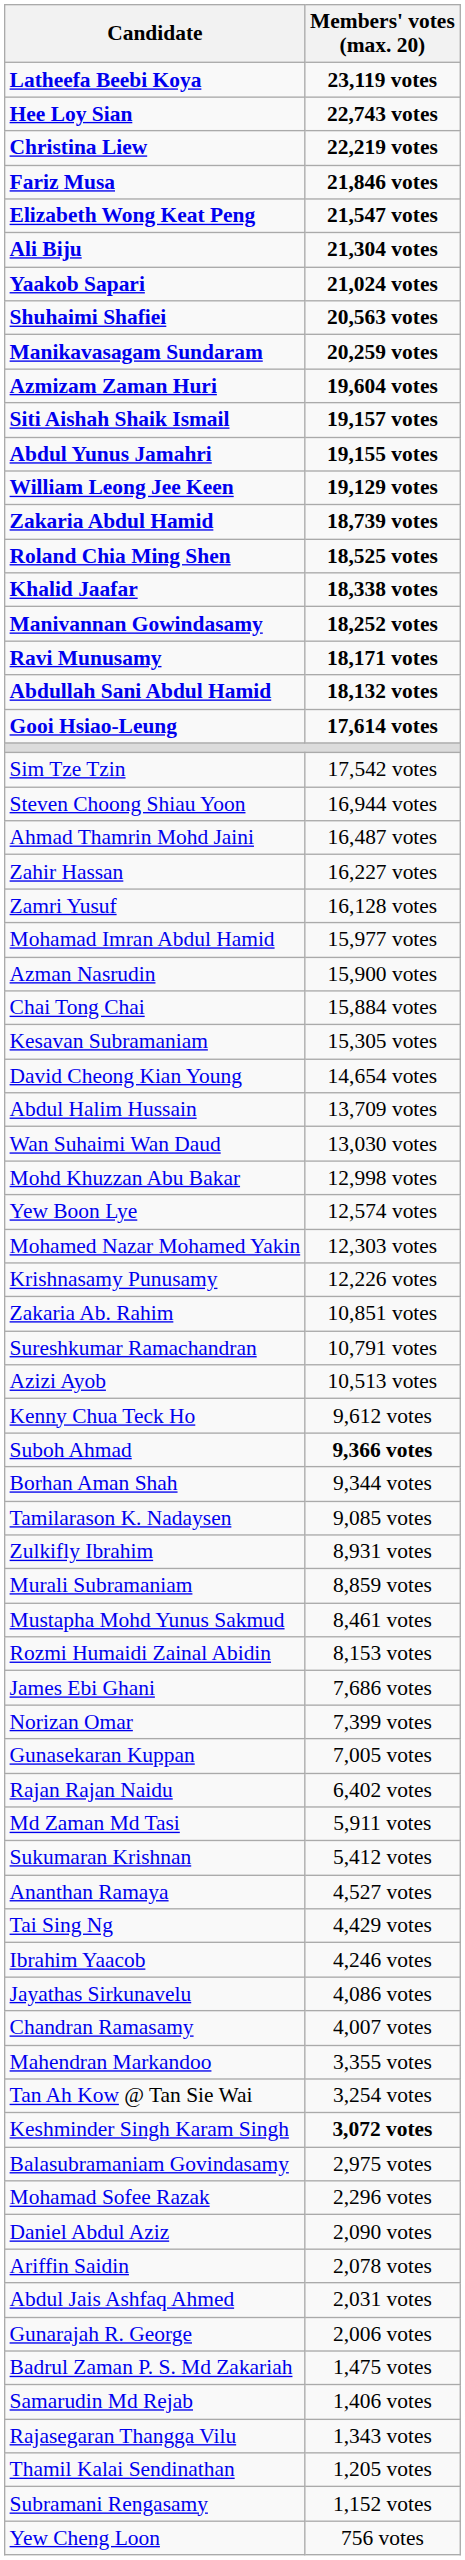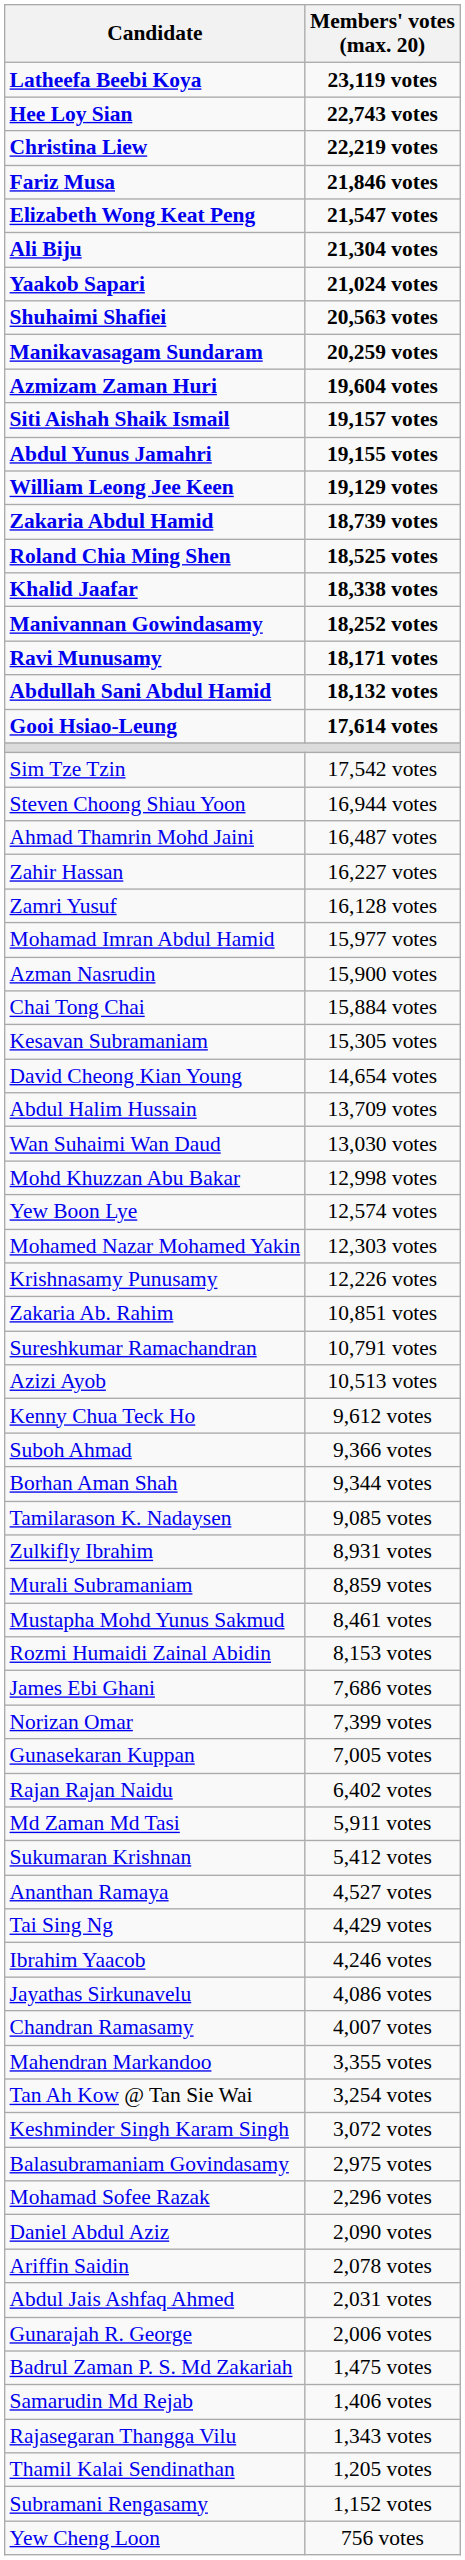 <table class=wikitable style=text-align:center>
 <tr>
 <th>Candidate</th>
 <th>Members' votes<br>(max. 20)</th>
 </tr>
 <tr>
 <td align=left><strong><a href='#'>Latheefa Beebi Koya</a></strong></td>
 <td><strong>23,119 votes</strong></td>
 </tr>
 <tr>
 <td align=left><strong><a href='#'>Hee Loy Sian</a></strong></td>
 <td><strong>22,743 votes</strong></td>
 </tr>
 <tr>
 <td align=left><strong><a href='#'>Christina Liew</a></strong></td>
 <td><strong>22,219 votes</strong></td>
 </tr>
 <tr>
 <td align=left><strong><a href='#'>Fariz Musa</a></strong></td>
 <td><strong>21,846 votes</strong></td>
 </tr>
 <tr>
 <td align=left><strong><a href='#'>Elizabeth Wong Keat Peng</a></strong></td>
 <td><strong>21,547 votes</strong></td>
 </tr>
 <tr>
 <td align=left><strong><a href='#'>Ali Biju</a></strong></td>
 <td><strong>21,304 votes</strong></td>
 </tr>
 <tr>
 <td align=left><strong><a href='#'>Yaakob Sapari</a></strong></td>
 <td><strong>21,024 votes</strong></td>
 </tr>
 <tr>
 <td align=left><strong><a href='#'>Shuhaimi Shafiei</a></strong></td>
 <td><strong>20,563 votes</strong></td>
 </tr>
 <tr>
 <td align=left><strong><a href='#'>Manikavasagam Sundaram</a></strong></td>
 <td><strong>20,259 votes</strong></td>
 </tr>
 <tr>
 <td align=left><strong><a href='#'>Azmizam Zaman Huri</a></strong></td>
 <td><strong>19,604 votes</strong></td>
 </tr>
 <tr>
 <td align=left><strong><a href='#'>Siti Aishah Shaik Ismail</a></strong></td>
 <td><strong>19,157 votes</strong></td>
 </tr>
 <tr>
 <td align=left><strong><a href='#'>Abdul Yunus Jamahri</a></strong></td>
 <td><strong>19,155 votes</strong></td>
 </tr>
 <tr>
 <td align=left><strong><a href='#'>William Leong Jee Keen</a></strong></td>
 <td><strong>19,129 votes</strong></td>
 </tr>
 <tr>
 <td align=left><strong><a href='#'>Zakaria Abdul Hamid</a></strong></td>
 <td><strong>18,739 votes</strong></td>
 </tr>
 <tr>
 <td align=left><strong><a href='#'>Roland Chia Ming Shen</a></strong></td>
 <td><strong>18,525 votes</strong></td>
 </tr>
 <tr>
 <td align=left><strong><a href='#'>Khalid Jaafar</a></strong></td>
 <td><strong>18,338 votes</strong></td>
 </tr>
 <tr>
 <td align=left><strong><a href='#'>Manivannan Gowindasamy</a></strong></td>
 <td><strong>18,252 votes</strong></td>
 </tr>
 <tr>
 <td align=left><strong><a href='#'>Ravi Munusamy</a></strong></td>
 <td><strong>18,171 votes</strong></td>
 </tr>
 <tr>
 <td align=left><strong><a href='#'>Abdullah Sani Abdul Hamid</a></strong></td>
 <td><strong>18,132 votes</strong></td>
 </tr>
 <tr>
 <td align=left><strong><a href='#'>Gooi Hsiao-Leung</a></strong></td>
 <td><strong>17,614 votes</strong></td>
 </tr>
 <tr>
 <td colspan=3 bgcolor=dcdcdc></td>
 </tr>
 <tr>
 <td align=left><a href='#'>Sim Tze Tzin</a></td>
 <td>17,542 votes</td>
 </tr>
 <tr>
 <td align=left><a href='#'>Steven Choong Shiau Yoon</a></td>
 <td>16,944 votes</td>
 </tr>
 <tr>
 <td align=left><a href='#'>Ahmad Thamrin Mohd Jaini</a></td>
 <td>16,487 votes</td>
 </tr>
 <tr>
 <td align=left><a href='#'>Zahir Hassan</a></td>
 <td>16,227 votes</td>
 </tr>
 <tr>
 <td align=left><a href='#'>Zamri Yusuf</a></td>
 <td>16,128 votes</td>
 </tr>
 <tr>
 <td align=left><a href='#'>Mohamad Imran Abdul Hamid</a></td>
 <td>15,977 votes</td>
 </tr>
 <tr>
 <td align=left><a href='#'>Azman Nasrudin</a></td>
 <td>15,900 votes</td>
 </tr>
 <tr>
 <td align=left><a href='#'>Chai Tong Chai</a></td>
 <td>15,884 votes</td>
 </tr>
 <tr>
 <td align=left><a href='#'>Kesavan Subramaniam</a></td>
 <td>15,305 votes</td>
 </tr>
 <tr>
 <td align=left><a href='#'>David Cheong Kian Young</a></td>
 <td>14,654 votes</td>
 </tr>
 <tr>
 <td align=left><a href='#'>Abdul Halim Hussain</a></td>
 <td>13,709 votes</td>
 </tr>
 <tr>
 <td align=left><a href='#'>Wan Suhaimi Wan Daud</a></td>
 <td>13,030 votes</td>
 </tr>
 <tr>
 <td align=left><a href='#'>Mohd Khuzzan Abu Bakar</a></td>
 <td>12,998 votes</td>
 </tr>
 <tr>
 <td align=left><a href='#'>Yew Boon Lye</a></td>
 <td>12,574 votes</td>
 </tr>
 <tr>
 <td align=left><a href='#'>Mohamed Nazar Mohamed Yakin</a></td>
 <td>12,303 votes</td>
 </tr>
 <tr>
 <td align=left><a href='#'>Krishnasamy Punusamy</a></td>
 <td>12,226 votes</td>
 </tr>
 <tr>
 <td align=left><a href='#'>Zakaria Ab. Rahim</a></td>
 <td>10,851 votes</td>
 </tr>
 <tr>
 <td align=left><a href='#'>Sureshkumar Ramachandran</a></td>
 <td>10,791 votes</td>
 </tr>
 <tr>
 <td align=left><a href='#'>Azizi Ayob</a></td>
 <td>10,513 votes</td>
 </tr>
 <tr>
 <td align=left><a href='#'>Kenny Chua Teck Ho</a></td>
 <td>9,612 votes</td>
 </tr>
 <tr>
 <td align=left><a href='#'>Suboh Ahmad</a></td>
-<td><strong>9,366 votes</strong></td>
+<td>9,366 votes</td>
 </tr>
 <tr>
 <td align=left><a href='#'>Borhan Aman Shah</a></td>
 <td>9,344 votes</td>
 </tr>
 <tr>
 <td align=left><a href='#'>Tamilarason K. Nadaysen</a></td>
 <td>9,085 votes</td>
 </tr>
 <tr>
 <td align=left><a href='#'>Zulkifly Ibrahim</a></td>
 <td>8,931 votes</td>
 </tr>
 <tr>
 <td align=left><a href='#'>Murali Subramaniam</a></td>
 <td>8,859 votes</td>
 </tr>
 <tr>
 <td align=left><a href='#'>Mustapha Mohd Yunus Sakmud</a></td>
 <td>8,461 votes</td>
 </tr>
 <tr>
 <td align=left><a href='#'>Rozmi Humaidi Zainal Abidin</a></td>
 <td>8,153 votes</td>
 </tr>
 <tr>
 <td align=left><a href='#'>James Ebi Ghani</a></td>
 <td>7,686 votes</td>
 </tr>
 <tr>
 <td align=left><a href='#'>Norizan Omar</a></td>
 <td>7,399 votes</td>
 </tr>
 <tr>
 <td align=left><a href='#'>Gunasekaran Kuppan</a></td>
 <td>7,005 votes</td>
 </tr>
 <tr>
 <td align=left><a href='#'>Rajan Rajan Naidu</a></td>
 <td>6,402 votes</td>
 </tr>
 <tr>
 <td align=left><a href='#'>Md Zaman Md Tasi</a></td>
 <td>5,911 votes</td>
 </tr>
 <tr>
 <td align=left><a href='#'>Sukumaran Krishnan</a></td>
 <td>5,412 votes</td>
 </tr>
 <tr>
 <td align=left><a href='#'>Ananthan Ramaya</a></td>
 <td>4,527 votes</td>
 </tr>
 <tr>
 <td align=left><a href='#'>Tai Sing Ng</a></td>
 <td>4,429 votes</td>
 </tr>
 <tr>
 <td align=left><a href='#'>Ibrahim Yaacob</a></td>
 <td>4,246 votes</td>
 </tr>
 <tr>
 <td align=left><a href='#'>Jayathas Sirkunavelu</a></td>
 <td>4,086 votes</td>
 </tr>
 <tr>
 <td align=left><a href='#'>Chandran Ramasamy</a></td>
 <td>4,007 votes</td>
 </tr>
 <tr>
 <td align=left><a href='#'>Mahendran Markandoo</a></td>
 <td>3,355 votes</td>
 </tr>
 <tr>
 <td align=left><a href='#'>Tan Ah Kow</a> @ Tan Sie Wai</td>
 <td>3,254 votes</td>
 </tr>
 <tr>
 <td align=left><a href='#'>Keshminder Singh Karam Singh</a></td>
-<td><strong>3,072 votes</strong></td>
+<td>3,072 votes</td>
 </tr>
 <tr>
 <td align=left><a href='#'>Balasubramaniam Govindasamy</a></td>
 <td>2,975 votes</td>
 </tr>
 <tr>
 <td align=left><a href='#'>Mohamad Sofee Razak</a></td>
 <td>2,296 votes</td>
 </tr>
 <tr>
 <td align=left><a href='#'>Daniel Abdul Aziz</a></td>
 <td>2,090 votes</td>
 </tr>
 <tr>
 <td align=left><a href='#'>Ariffin Saidin</a></td>
 <td>2,078 votes</td>
 </tr>
 <tr>
 <td align=left><a href='#'>Abdul Jais Ashfaq Ahmed</a></td>
 <td>2,031 votes</td>
 </tr>
 <tr>
 <td align=left><a href='#'>Gunarajah R. George</a></td>
 <td>2,006 votes</td>
 </tr>
 <tr>
 <td align=left><a href='#'>Badrul Zaman P. S. Md Zakariah</a></td>
 <td>1,475 votes</td>
 </tr>
 <tr>
 <td align=left><a href='#'>Samarudin Md Rejab</a></td>
 <td>1,406 votes</td>
 </tr>
 <tr>
 <td align=left><a href='#'>Rajasegaran Thangga Vilu</a></td>
 <td>1,343 votes</td>
 </tr>
 <tr>
 <td align=left><a href='#'>Thamil Kalai Sendinathan</a></td>
 <td>1,205 votes</td>
 </tr>
 <tr>
 <td align=left><a href='#'>Subramani Rengasamy</a></td>
 <td>1,152 votes</td>
 </tr>
 <tr>
 <td align=left><a href='#'>Yew Cheng Loon</a></td>
 <td>756 votes</td>
 </tr>
 </table>
